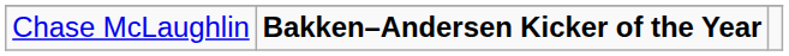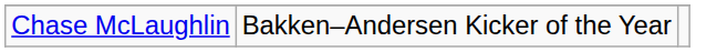 <table class="wikitable" style="text-align: center">
 <tr align=center>
 </tr>
 <tr>
 <td><a href='#'>Chase McLaughlin</a></td>
-<td><strong>Bakken–Andersen Kicker of the Year</strong></td>
+<td>Bakken–Andersen Kicker of the Year</td>
 <td></td>
 </tr>
 </table>
